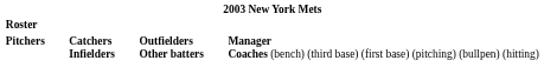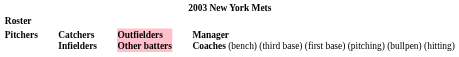 <table class="toccolours" style="font-size: 95%;">
 <tr>
 <th colspan="10">2003 New York Mets</th>
 </tr>
 <tr>
 <td colspan="10"><strong>Roster</strong></td>
 </tr>
 <tr>
 <td valign="top"><strong>Pitchers</strong><br>                        </td>
 <td width="25px"></td>
 <td valign="top"><strong>Catchers</strong><br>  <strong>Infielders</strong>            </td>
 <td width="25px"></td>
-<td valign="top"><strong>Outfielders</strong><br>        <strong>Other batters</strong>   </td>
+<td valign="top" style="background: pink;"><strong>Outfielders</strong><br>        <strong>Other batters</strong>   </td>
 <td width="25px"></td>
 <td valign="top"><strong>Manager</strong><br> <strong>Coaches</strong>  (bench)  (third base)  (first base)  (pitching)  (bullpen)  (hitting)</td>
 </tr>
 </table>
